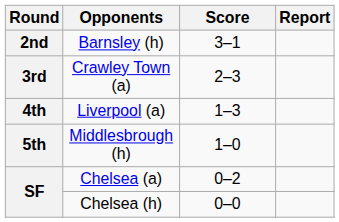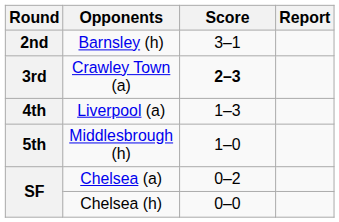 <table class="wikitable plainrowheaders" style="text-align:center;margin-left:1em;float:right">
 <tr>
 <th scope="col" style="width:25px;">Round</th>
 <th scope="col" style="width:110px;">Opponents</th>
 <th scope="col" style="width:90px;">Score</th>
 <th scope="col" style="width:50px;">Report</th>
 </tr>
 <tr>
 <th scope=row style="text-align:center">2nd</th>
 <td><a href='#'>Barnsley</a> (h)</td>
 <td>3–1</td>
 <td></td>
 </tr>
 <tr>
 <th scope=row style="text-align:center">3rd</th>
 <td><a href='#'>Crawley Town</a> (a)</td>
-<td>2–3</td>
+<td><strong>2–3</strong></td>
 <td></td>
 </tr>
 <tr>
 <th scope=row style="text-align:center">4th</th>
 <td><a href='#'>Liverpool</a> (a)</td>
 <td>1–3</td>
 <td></td>
 </tr>
 <tr>
 <th scope=row style="text-align:center">5th</th>
 <td><a href='#'>Middlesbrough</a> (h)</td>
 <td>1–0</td>
 <td></td>
 </tr>
 <tr>
 <th scope=row style="text-align:center" rowspan="2">SF</th>
 <td><a href='#'>Chelsea</a> (a)</td>
 <td>0–2</td>
 <td></td>
 </tr>
 <tr>
 <td>Chelsea (h)</td>
 <td>0–0</td>
 <td></td>
 </tr>
 </table>
